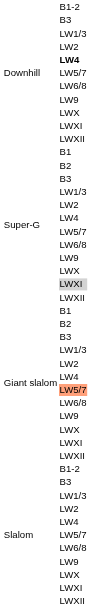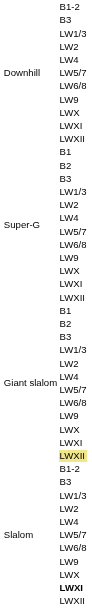 <table>
 <tr>
 <td rowspan="11">Downhill</td>
 <td>B1-2<br></td>
 <td></td>
 <td></td>
 <td></td>
 </tr>
 <tr>
 <td>B3<br></td>
 <td></td>
 <td></td>
 <td></td>
 </tr>
 <tr>
 <td>LW1/3<br></td>
 <td></td>
 <td></td>
 <td></td>
 </tr>
 <tr>
 <td>LW2<br></td>
 <td></td>
 <td></td>
 <td></td>
 </tr>
 <tr>
-<td><strong>LW4<br></strong></td>
+<td>LW4<br></td>
 <td></td>
 <td></td>
 <td></td>
 </tr>
 <tr>
 <td>LW5/7<br></td>
 <td></td>
 <td></td>
 <td></td>
 </tr>
 <tr>
 <td>LW6/8<br></td>
 <td></td>
 <td></td>
 <td></td>
 </tr>
 <tr>
 <td>LW9<br></td>
 <td></td>
 <td></td>
 <td></td>
 </tr>
 <tr>
 <td>LWX<br></td>
 <td></td>
 <td></td>
 <td></td>
 </tr>
 <tr>
 <td>LWXI<br></td>
 <td></td>
 <td></td>
 <td></td>
 </tr>
 <tr>
 <td>LWXII<br></td>
 <td></td>
 <td></td>
 <td></td>
 </tr>
 <tr>
 <td rowspan="12">Super-G</td>
 <td>B1<br></td>
 <td></td>
 <td></td>
 <td></td>
 </tr>
 <tr>
 <td>B2<br></td>
 <td></td>
 <td></td>
 <td></td>
 </tr>
 <tr>
 <td>B3<br></td>
 <td></td>
 <td></td>
 <td></td>
 </tr>
 <tr>
 <td>LW1/3<br></td>
 <td></td>
 <td></td>
 <td></td>
 </tr>
 <tr>
 <td>LW2<br></td>
 <td></td>
 <td></td>
 <td></td>
 </tr>
 <tr>
 <td>LW4<br></td>
 <td></td>
 <td></td>
 <td></td>
 </tr>
 <tr>
 <td>LW5/7<br></td>
 <td></td>
 <td></td>
 <td></td>
 </tr>
 <tr>
 <td>LW6/8<br></td>
 <td></td>
 <td></td>
 <td></td>
 </tr>
 <tr>
 <td>LW9<br></td>
 <td></td>
 <td></td>
 <td></td>
 </tr>
 <tr>
 <td>LWX<br></td>
 <td></td>
 <td></td>
 <td></td>
 </tr>
 <tr>
-<td style="background: lightgrey;">LWXI<br></td>
+<td>LWXI<br></td>
 <td></td>
 <td></td>
 <td></td>
 </tr>
 <tr>
 <td>LWXII<br></td>
 <td></td>
 <td></td>
 <td></td>
 </tr>
 <tr>
 <td rowspan="12">Giant slalom</td>
 <td>B1<br></td>
 <td></td>
 <td></td>
 <td></td>
 </tr>
 <tr>
 <td>B2<br></td>
 <td></td>
 <td></td>
 <td></td>
 </tr>
 <tr>
 <td>B3<br></td>
 <td></td>
 <td></td>
 <td></td>
 </tr>
 <tr>
 <td>LW1/3<br></td>
 <td></td>
 <td></td>
 <td></td>
 </tr>
 <tr>
 <td>LW2<br></td>
 <td></td>
 <td></td>
 <td></td>
 </tr>
 <tr>
 <td>LW4<br></td>
 <td></td>
 <td></td>
 <td></td>
 </tr>
 <tr>
-<td style="background: lightsalmon;">LW5/7<br></td>
+<td>LW5/7<br></td>
 <td></td>
 <td></td>
 <td></td>
 </tr>
 <tr>
 <td>LW6/8<br></td>
 <td></td>
 <td></td>
 <td></td>
 </tr>
 <tr>
 <td>LW9<br></td>
 <td></td>
 <td></td>
 <td></td>
 </tr>
 <tr>
 <td>LWX<br></td>
 <td></td>
 <td></td>
 <td></td>
 </tr>
 <tr>
 <td>LWXI<br></td>
 <td></td>
 <td></td>
 <td></td>
 </tr>
 <tr>
-<td>LWXII<br></td>
+<td style="background: khaki;">LWXII<br></td>
 <td></td>
 <td></td>
 <td></td>
 </tr>
 <tr>
 <td rowspan="12">Slalom</td>
 <td>B1-2<br></td>
 <td></td>
 <td></td>
 <td></td>
 </tr>
 <tr>
 <td>B3<br></td>
 <td></td>
 <td></td>
 <td></td>
 </tr>
 <tr>
 <td>LW1/3<br></td>
 <td></td>
 <td></td>
 <td></td>
 </tr>
 <tr>
 <td>LW2<br></td>
 <td></td>
 <td></td>
 <td></td>
 </tr>
 <tr>
 <td rowspan="2">LW4<br></td>
 <td rowspan="2"></td>
 <td></td>
 <td rowspan="2"></td>
 </tr>
 <tr>
 <td></td>
 </tr>
 <tr>
 <td>LW5/7<br></td>
 <td></td>
 <td></td>
 <td></td>
 </tr>
 <tr>
 <td>LW6/8<br></td>
 <td></td>
 <td></td>
 <td></td>
 </tr>
 <tr>
 <td>LW9<br></td>
 <td></td>
 <td></td>
 <td></td>
 </tr>
 <tr>
 <td>LWX<br></td>
 <td></td>
 <td></td>
 <td></td>
 </tr>
 <tr>
-<td>LWXI<br></td>
+<td><strong>LWXI<br></strong></td>
 <td></td>
 <td></td>
 <td></td>
 </tr>
 <tr>
 <td>LWXII<br></td>
 <td></td>
 <td></td>
 <td></td>
 </tr>
 </table>
